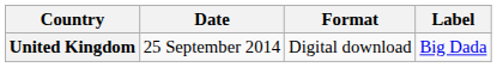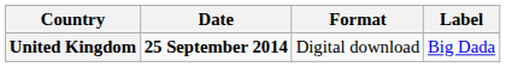 <table class="wikitable plainrowheaders">
 <tr>
 <th scope="col">Country</th>
 <th scope="col">Date</th>
 <th scope="col">Format</th>
 <th scope="col">Label</th>
 </tr>
 <tr>
 <th scope="row" rowspan="2">United Kingdom</th>
-<td>25 September 2014</td>
+<td><strong>25 September 2014</strong></td>
 <td>Digital download</td>
 <td rowspan="2"><a href='#'>Big Dada</a></td>
 </tr>
 </table>
